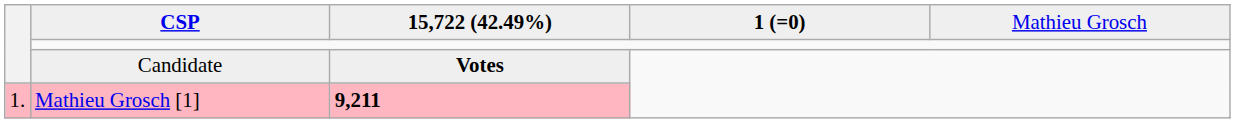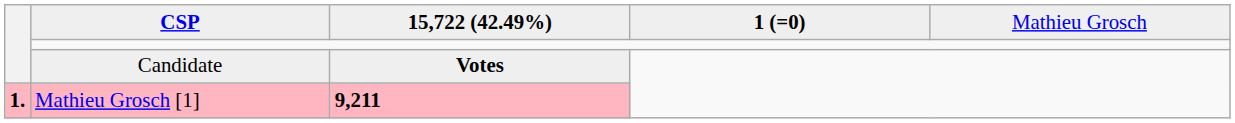 <table class="wikitable collapsible collapsed" style=text-align:left;font-size:90%>
 <tr>
 <th rowspan=3></th>
 <td bgcolor=efefef width=200 align=center><strong> <a href='#'>CSP</a> </strong></td>
 <td bgcolor=efefef width=200 align=center><strong>15,722 (42.49%)</strong></td>
 <td bgcolor=efefef width=200 align=center><strong>1 (=0)</strong></td>
 <td bgcolor=efefef width=200 align=center><a href='#'>Mathieu Grosch</a></td>
 </tr>
 <tr>
 <td colspan=4 bgcolor=></td>
 </tr>
 <tr>
 <td bgcolor=efefef align=center>Candidate</td>
 <td bgcolor=efefef align=center><strong>Votes</strong></td>
 </tr>
 <tr bgcolor=lightpink>
-<td>1.</td>
+<td><strong>1.</strong></td>
 <td><a href='#'>Mathieu Grosch</a> [1]</td>
 <td><strong>9,211</strong></td>
 </tr>
 </table>
